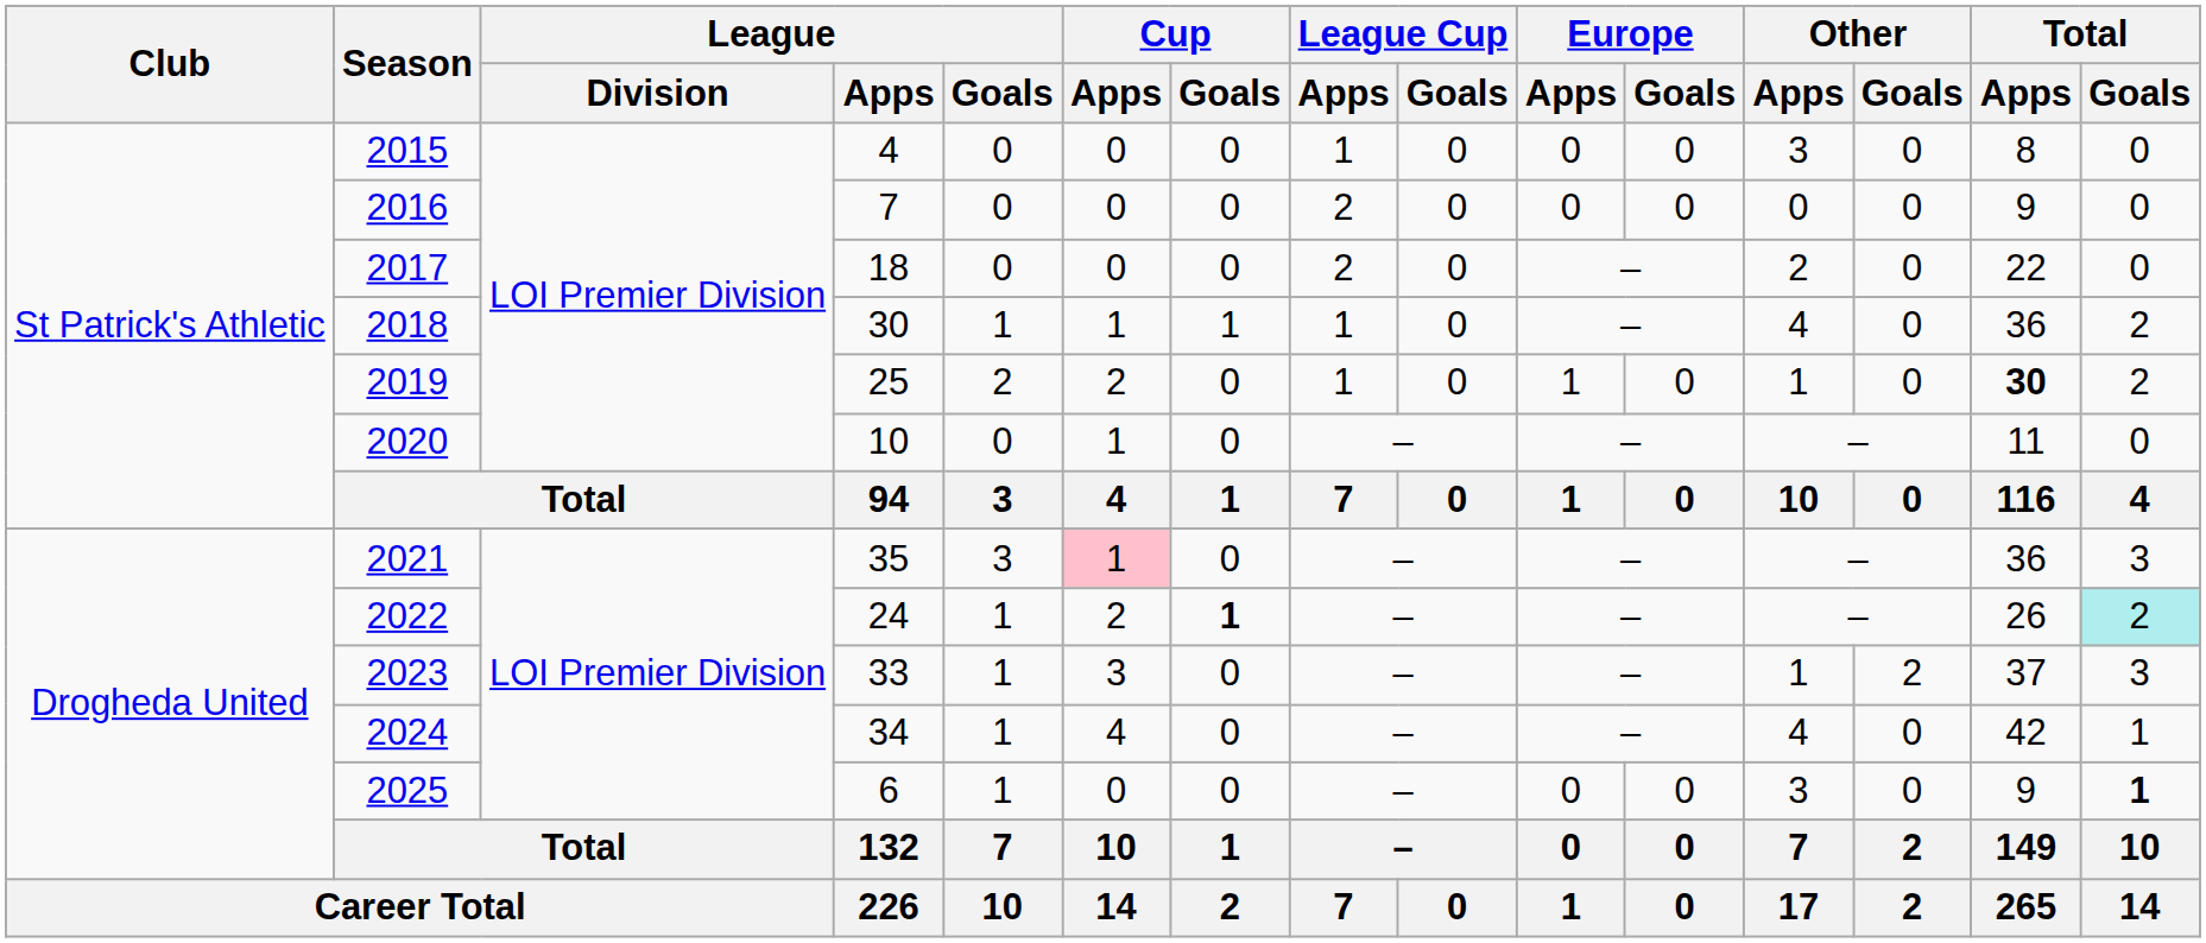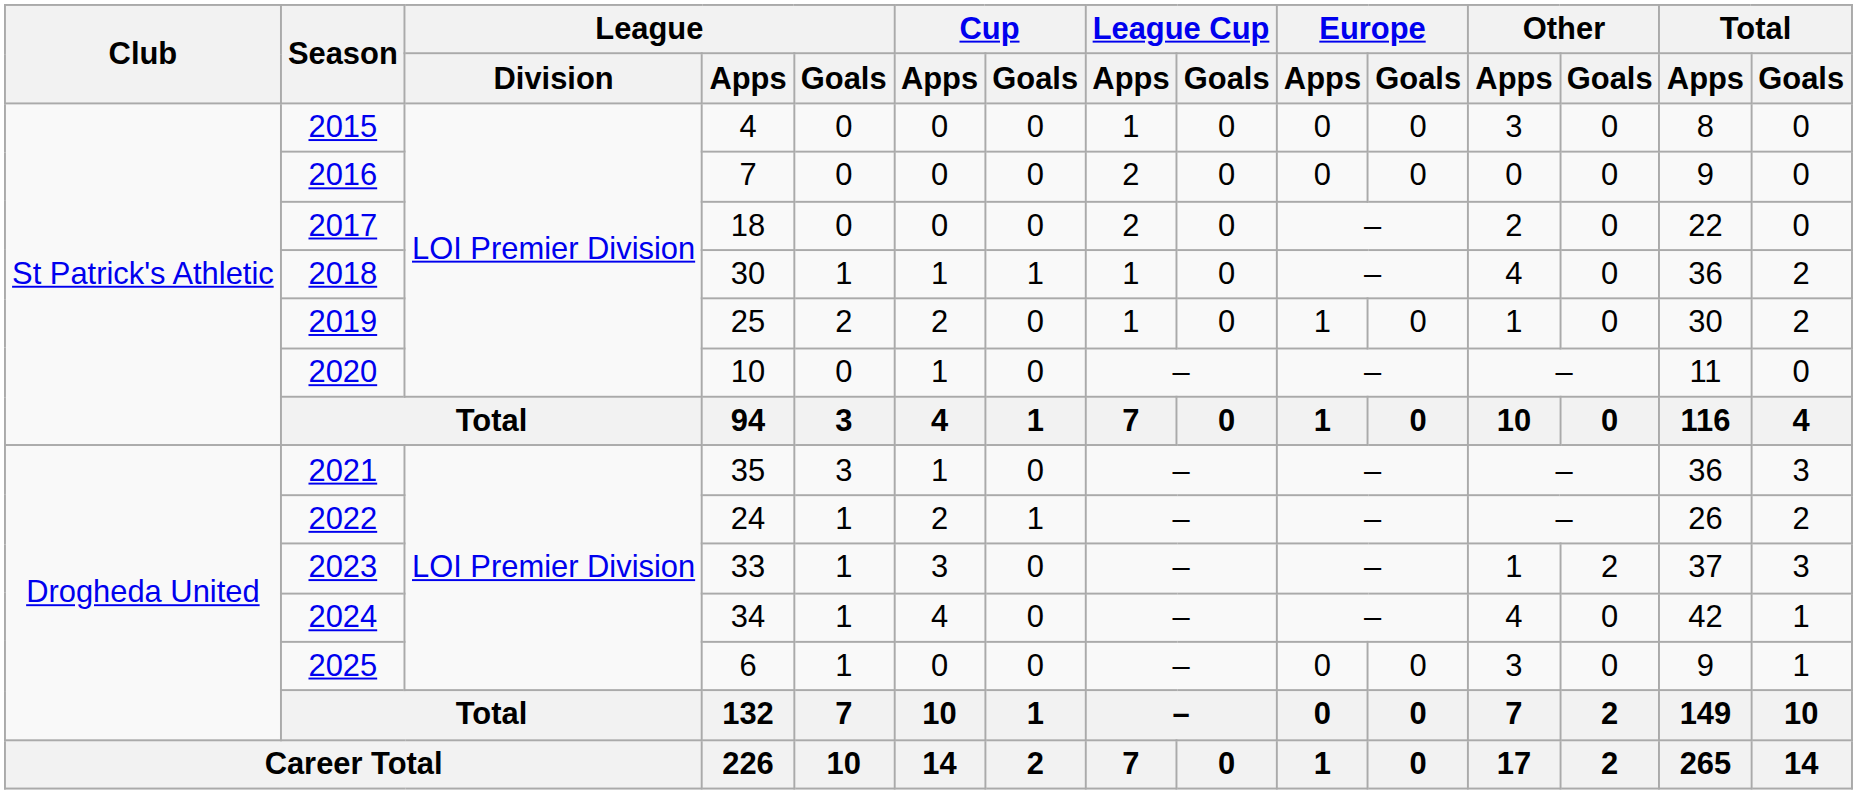 <table class="wikitable" style="text-align:center">
 <tr>
 <th rowspan="2">Club</th>
 <th rowspan="2">Season</th>
 <th colspan="3">League</th>
 <th colspan="2"><a href='#'>Cup</a></th>
 <th colspan="2"><a href='#'>League Cup</a></th>
 <th colspan="2"><a href='#'>Europe</a></th>
 <th colspan="2">Other</th>
 <th colspan="2">Total</th>
 </tr>
 <tr>
 <th>Division</th>
 <th>Apps</th>
 <th>Goals</th>
 <th>Apps</th>
 <th>Goals</th>
 <th>Apps</th>
 <th>Goals</th>
 <th>Apps</th>
 <th>Goals</th>
 <th>Apps</th>
 <th>Goals</th>
 <th>Apps</th>
 <th>Goals</th>
 </tr>
 <tr>
 <td rowspan="7"><a href='#'>St Patrick's Athletic</a></td>
 <td><a href='#'>2015</a></td>
 <td rowspan="6"><a href='#'>LOI Premier Division</a></td>
 <td>4</td>
 <td>0</td>
 <td>0</td>
 <td>0</td>
 <td>1</td>
 <td>0</td>
 <td>0</td>
 <td>0</td>
 <td>3</td>
 <td>0</td>
 <td>8</td>
 <td>0</td>
 </tr>
 <tr>
 <td><a href='#'>2016</a></td>
 <td>7</td>
 <td>0</td>
 <td>0</td>
 <td>0</td>
 <td>2</td>
 <td>0</td>
 <td>0</td>
 <td>0</td>
 <td>0</td>
 <td>0</td>
 <td>9</td>
 <td>0</td>
 </tr>
 <tr>
 <td><a href='#'>2017</a></td>
 <td>18</td>
 <td>0</td>
 <td>0</td>
 <td>0</td>
 <td>2</td>
 <td>0</td>
 <td colspan="2">–</td>
 <td>2</td>
 <td>0</td>
 <td>22</td>
 <td>0</td>
 </tr>
 <tr>
 <td><a href='#'>2018</a></td>
 <td>30</td>
 <td>1</td>
 <td>1</td>
 <td>1</td>
 <td>1</td>
 <td>0</td>
 <td colspan="2">–</td>
 <td>4</td>
 <td>0</td>
 <td>36</td>
 <td>2</td>
 </tr>
 <tr>
 <td><a href='#'>2019</a></td>
 <td>25</td>
 <td>2</td>
 <td>2</td>
 <td>0</td>
 <td>1</td>
 <td>0</td>
 <td>1</td>
 <td>0</td>
 <td>1</td>
 <td>0</td>
-<td><strong>30</strong></td>
+<td>30</td>
 <td>2</td>
 </tr>
 <tr>
 <td><a href='#'>2020</a></td>
 <td>10</td>
 <td>0</td>
 <td>1</td>
 <td>0</td>
 <td colspan="2">–</td>
 <td colspan="2">–</td>
 <td colspan="2">–</td>
 <td>11</td>
 <td>0</td>
 </tr>
 <tr>
 <th colspan="2">Total</th>
 <th>94</th>
 <th>3</th>
 <th>4</th>
 <th>1</th>
 <th>7</th>
 <th>0</th>
 <th>1</th>
 <th>0</th>
 <th>10</th>
 <th>0</th>
 <th>116</th>
 <th>4</th>
 </tr>
 <tr>
 <td rowspan="6"><a href='#'>Drogheda United</a></td>
 <td><a href='#'>2021</a></td>
 <td rowspan="5"><a href='#'>LOI Premier Division</a></td>
 <td>35</td>
 <td>3</td>
-<td style="background: pink;">1</td>
+<td>1</td>
 <td>0</td>
 <td colspan="2">–</td>
 <td colspan="2">–</td>
 <td colspan="2">–</td>
 <td>36</td>
 <td>3</td>
 </tr>
 <tr>
 <td><a href='#'>2022</a></td>
 <td>24</td>
 <td>1</td>
 <td>2</td>
-<td><strong>1</strong></td>
+<td>1</td>
 <td colspan="2">–</td>
 <td colspan="2">–</td>
 <td colspan="2">–</td>
 <td>26</td>
-<td style="background: paleturquoise;">2</td>
+<td>2</td>
 </tr>
 <tr>
 <td><a href='#'>2023</a></td>
 <td>33</td>
 <td>1</td>
 <td>3</td>
 <td>0</td>
 <td colspan="2">–</td>
 <td colspan="2">–</td>
 <td>1</td>
 <td>2</td>
 <td>37</td>
 <td>3</td>
 </tr>
 <tr>
 <td><a href='#'>2024</a></td>
 <td>34</td>
 <td>1</td>
 <td>4</td>
 <td>0</td>
 <td colspan="2">–</td>
 <td colspan="2">–</td>
 <td>4</td>
 <td>0</td>
 <td>42</td>
 <td>1</td>
 </tr>
 <tr>
 <td><a href='#'>2025</a></td>
 <td>6</td>
 <td>1</td>
 <td>0</td>
 <td>0</td>
 <td colspan="2">–</td>
 <td>0</td>
 <td>0</td>
 <td>3</td>
 <td>0</td>
 <td>9</td>
-<td><strong>1</strong></td>
+<td>1</td>
 </tr>
 <tr>
 <th colspan="2">Total</th>
 <th>132</th>
 <th>7</th>
 <th>10</th>
 <th>1</th>
 <th colspan="2">–</th>
 <th>0</th>
 <th>0</th>
 <th>7</th>
 <th>2</th>
 <th>149</th>
 <th>10</th>
 </tr>
 <tr>
 <th colspan="3">Career Total</th>
 <th>226</th>
 <th>10</th>
 <th>14</th>
 <th>2</th>
 <th>7</th>
 <th>0</th>
 <th>1</th>
 <th>0</th>
 <th>17</th>
 <th>2</th>
 <th>265</th>
 <th>14</th>
 </tr>
 </table>
